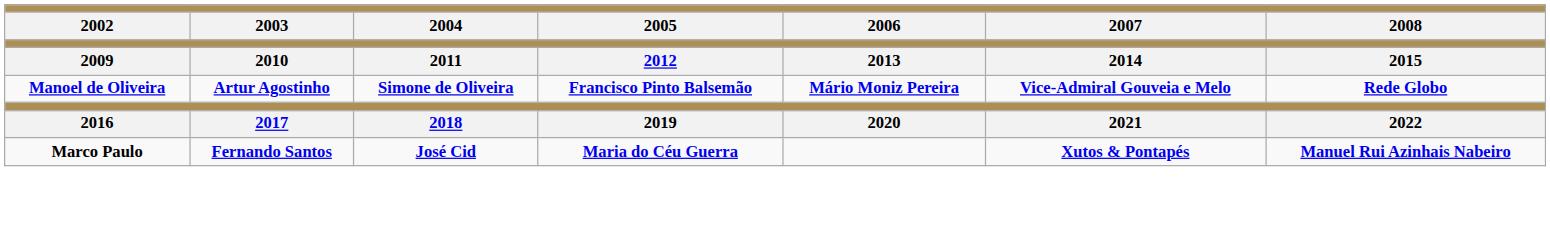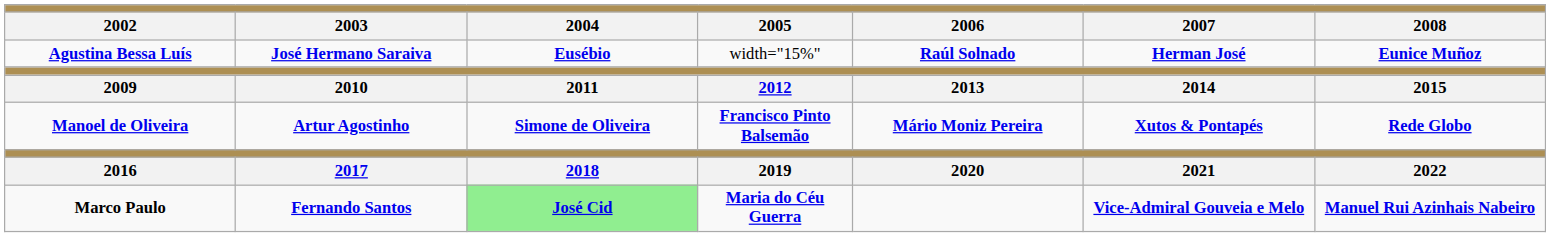 <table class="wikitable sortable" style="text-align:center; font-size:85%" width="100%">
 <tr>
 <td colspan="7" bgcolor="#ad8f53"></td>
 </tr>
 <tr>
 <th>2002</th>
 <th>2003</th>
 <th>2004</th>
 <th>2005</th>
 <th>2006</th>
 <th>2007</th>
 <th>2008</th>
+</tr>
+<tr>
+<td width="15%"><strong><a href='#'>Agustina Bessa Luís</a></strong></td>
+<td width="15%"><strong><a href='#'>José Hermano Saraiva</a></strong></td>
+<td width="15%"><strong><a href='#'>Eusébio</a></strong></td>
+<td>width="15%" </td>
+<td width="15%"><strong><a href='#'>Raúl Solnado</a></strong></td>
+<td width="15%"><strong><a href='#'>Herman José</a></strong></td>
+<td width="15%"><strong><a href='#'>Eunice Muñoz</a></strong></td>
 </tr>
 <tr>
 <td colspan="7" bgcolor="#ad8f53"></td>
 </tr>
 <tr>
 <th>2009</th>
 <th>2010</th>
 <th>2011</th>
 <th><a href='#'>2012</a></th>
 <th>2013</th>
 <th>2014</th>
 <th>2015</th>
 </tr>
 <tr>
 <td><strong><a href='#'>Manoel de Oliveira</a></strong></td>
 <td><strong><a href='#'>Artur Agostinho</a></strong></td>
 <td><strong><a href='#'>Simone de Oliveira</a></strong></td>
 <td><strong><a href='#'>Francisco Pinto Balsemão</a></strong></td>
 <td><strong><a href='#'>Mário Moniz Pereira</a></strong></td>
-<td><strong><a href='#'>Vice-Admiral Gouveia e Melo</a></strong></td>
+<td><strong><a href='#'>Xutos & Pontapés</a></strong></td>
 <td><strong><a href='#'>Rede Globo</a></strong></td>
 </tr>
 <tr>
 <td colspan="7" bgcolor="#ad8f53"></td>
 </tr>
 <tr>
 <th>2016</th>
 <th><a href='#'>2017</a></th>
 <th><a href='#'>2018</a></th>
 <th>2019</th>
 <th>2020</th>
 <th>2021</th>
 <th>2022</th>
 </tr>
 <tr>
 <td><strong>Marco Paulo</strong></td>
 <td><strong><a href='#'>Fernando Santos</a></strong></td>
-<td><strong><a href='#'>José Cid</a></strong></td>
+<td style="background: lightgreen;"><strong><a href='#'>José Cid</a></strong></td>
 <td><strong><a href='#'>Maria do Céu Guerra</a></strong></td>
 <td></td>
-<td><strong><a href='#'>Xutos & Pontapés</a></strong></td>
+<td><strong><a href='#'>Vice-Admiral Gouveia e Melo</a></strong></td>
 <td><a href='#'><strong>Manuel Rui Azinhais Nabeiro</strong></a></td>
 </tr>
 </table>
